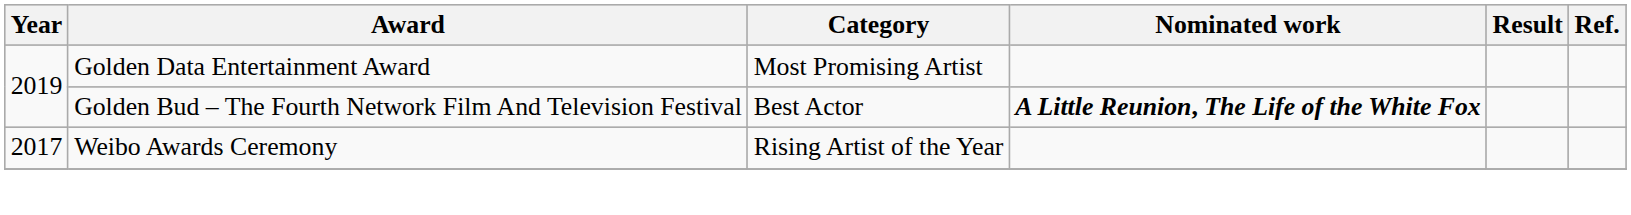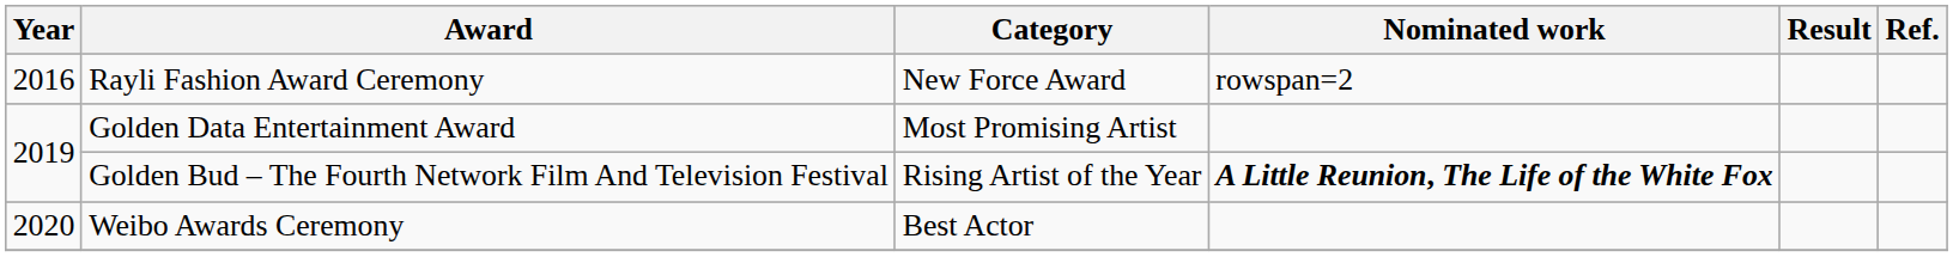 <table class="wikitable">
 <tr>
 <th>Year</th>
 <th>Award</th>
 <th>Category</th>
 <th>Nominated work</th>
 <th>Result</th>
 <th>Ref.</th>
 </tr>
 <tr>
+<td>2016</td>
+<td>Rayli Fashion Award Ceremony</td>
+<td>New Force Award</td>
+<td>rowspan=2 </td>
+<td></td>
+<td></td>
+</tr>
+<tr>
 <td rowspan=2>2019</td>
 <td>Golden Data Entertainment Award</td>
 <td>Most Promising Artist</td>
 <td></td>
 <td></td>
 </tr>
 <tr>
 <td>Golden Bud – The Fourth Network Film And Television Festival</td>
-<td>Best Actor</td>
+<td>Rising Artist of the Year</td>
 <td><strong><em>A Little Reunion</em>, <em>The Life of the White Fox</em></strong></td>
 <td></td>
 <td></td>
 </tr>
 <tr>
-<td>2017</td>
+<td>2020</td>
 <td>Weibo Awards Ceremony</td>
-<td>Rising Artist of the Year</td>
+<td>Best Actor</td>
 <td></td>
 <td></td>
 <td></td>
 </tr>
 <tr>
 </tr>
 </table>
